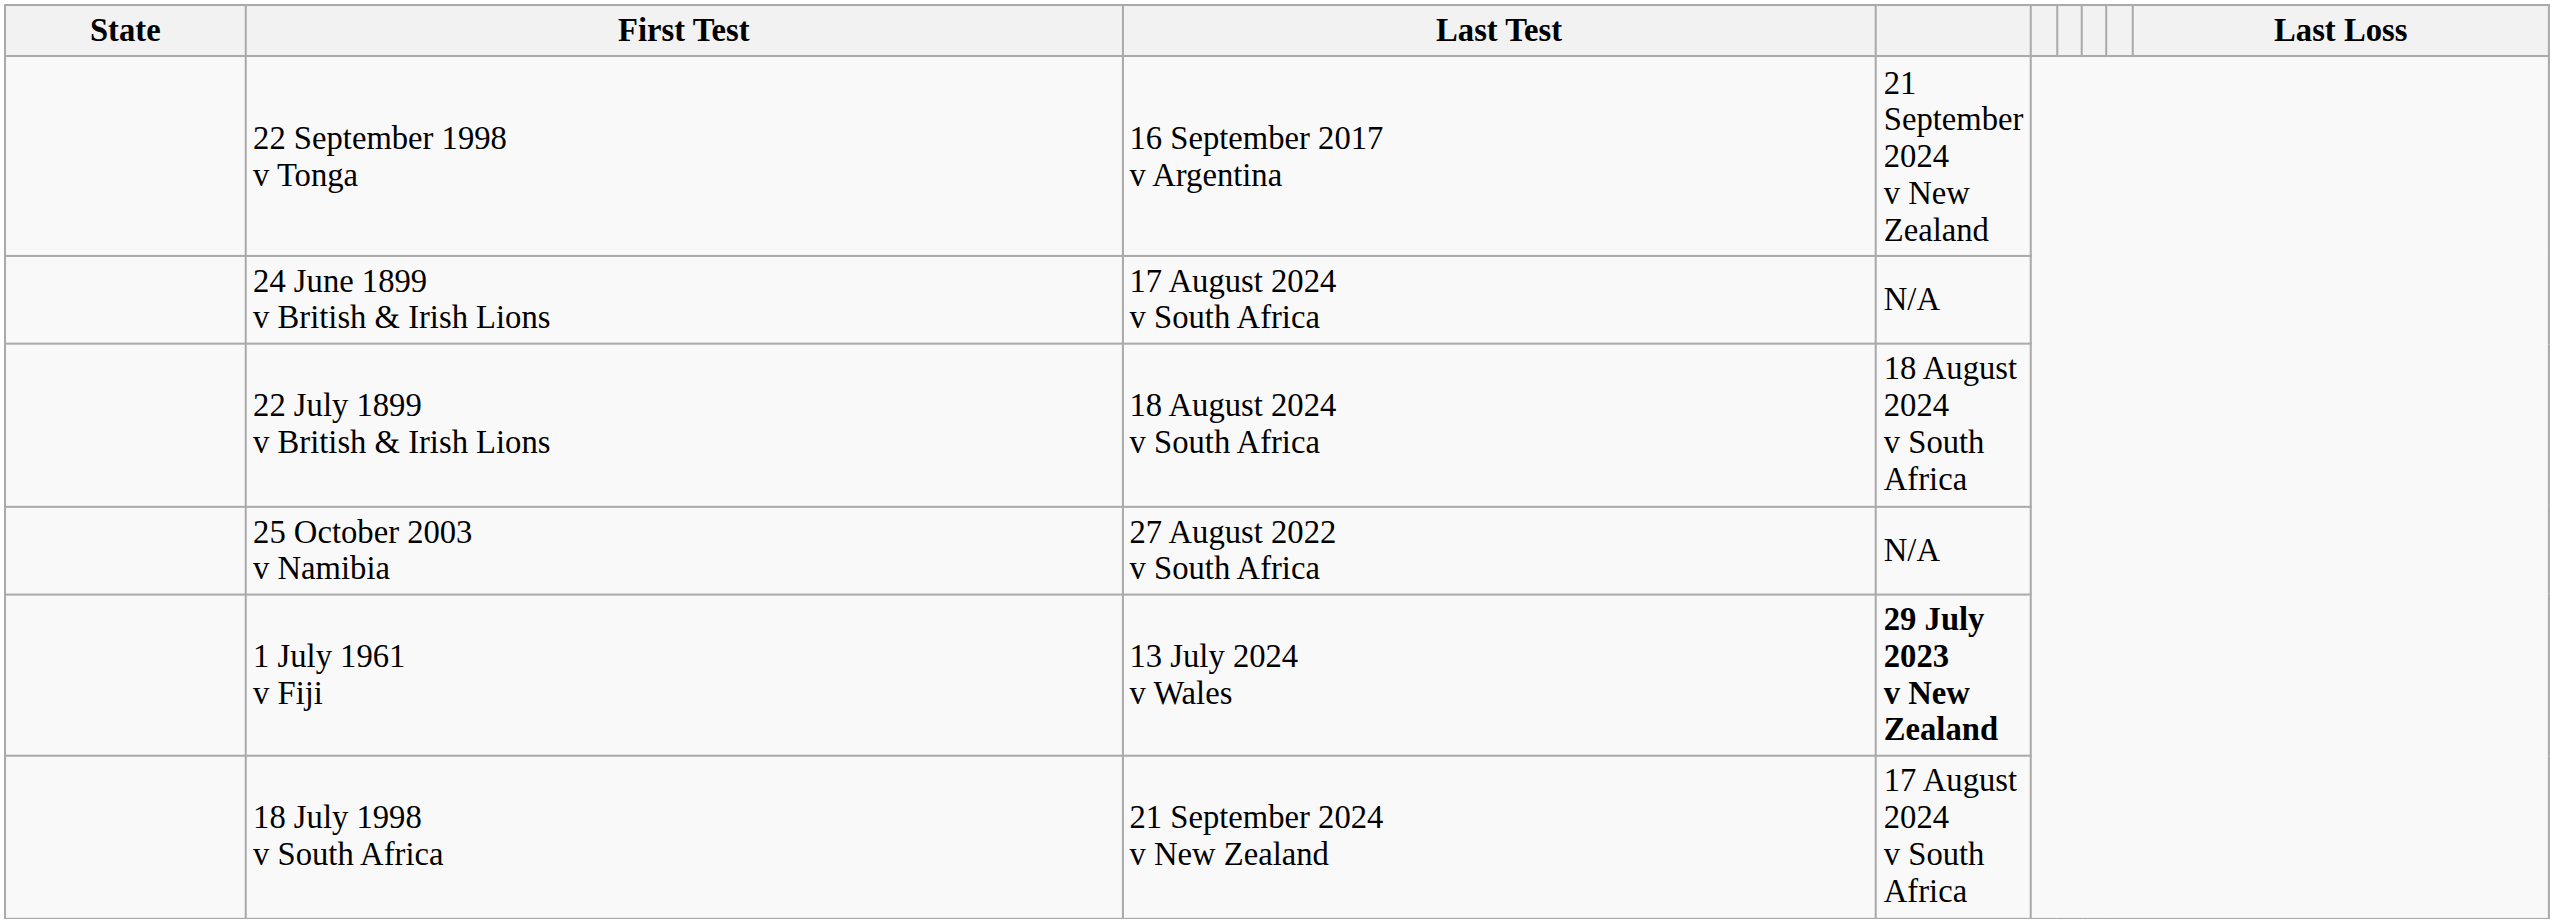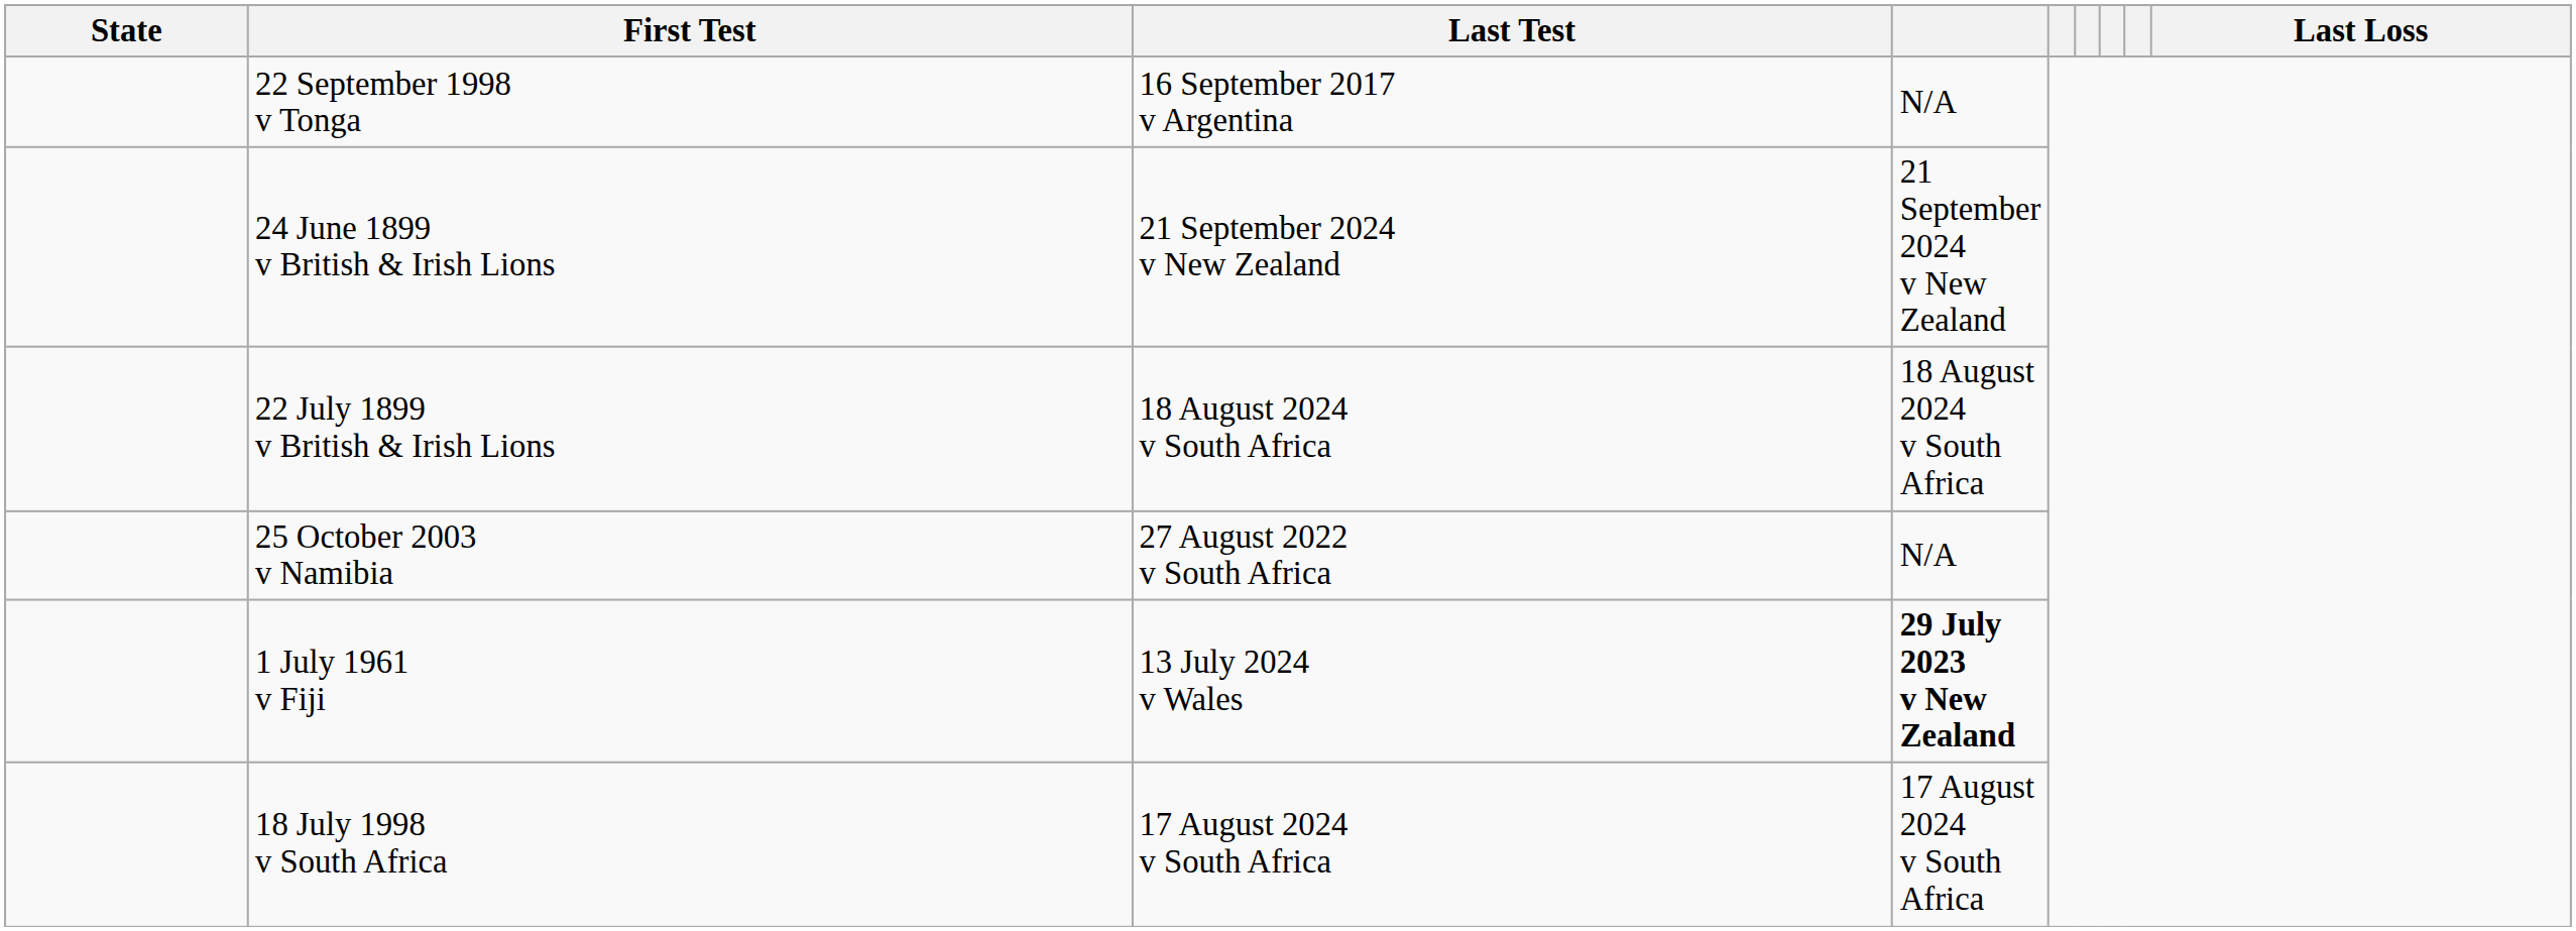 <table class="wikitable sortable">
 <tr>
 <th>State</th>
 <th>First Test</th>
 <th>Last Test</th>
 <th width="2%" data-sort-type="number"></th>
 <th width="1%" data-sort-type="number"></th>
 <th width="1%" data-sort-type="number"></th>
 <th width="1%" data-sort-type="number"></th>
 <th width="1%" data-sort-type="number"></th>
 <th>Last Loss</th>
 </tr>
 <tr>
 <td></td>
 <td>22 September 1998<br>v Tonga</td>
 <td>16 September 2017<br>v Argentina<br></td>
-<td>21 September 2024<br>v New Zealand</td>
+<td>N/A</td>
 </tr>
 <tr>
 <td></td>
 <td>24 June 1899<br>v British & Irish Lions</td>
-<td>17 August 2024<br>v South Africa<br></td>
-<td>N/A</td>
+<td>21 September 2024<br>v New Zealand<br></td>
+<td>21 September 2024<br>v New Zealand</td>
 </tr>
 <tr>
 <td></td>
 <td>22 July 1899<br>v British & Irish Lions</td>
 <td>18 August 2024<br>v South Africa<br></td>
 <td>18 August 2024<br>v South Africa</td>
 </tr>
 <tr>
 <td></td>
 <td>25 October 2003<br>v Namibia</td>
 <td>27 August 2022<br>v South Africa<br></td>
 <td>N/A</td>
 </tr>
 <tr>
 <td></td>
 <td>1 July 1961<br>v Fiji</td>
 <td>13 July 2024<br>v Wales<br></td>
 <td><strong>29 July 2023<br>v New Zealand</strong></td>
 </tr>
 <tr>
 <td></td>
 <td>18 July 1998<br>v South Africa</td>
-<td>21 September 2024<br>v New Zealand<br></td>
+<td>17 August 2024<br>v South Africa<br></td>
 <td>17 August 2024<br>v South Africa</td>
 </tr>
 <tr>
 </tr>
 </table>
